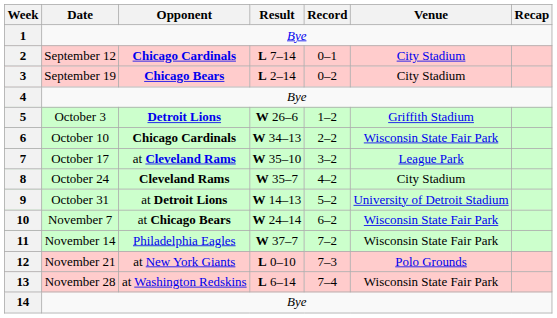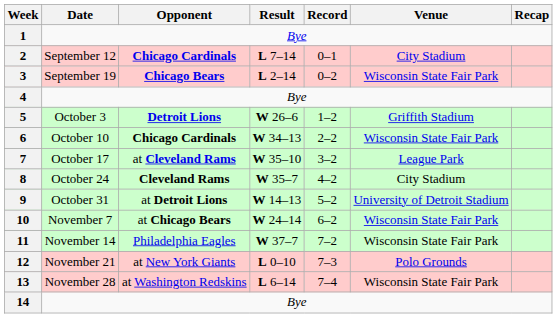 <table class="wikitable" style="text-align:center">
 <tr>
 <th>Week</th>
 <th>Date</th>
 <th>Opponent</th>
 <th>Result</th>
 <th>Record</th>
 <th>Venue</th>
 <th>Recap</th>
 </tr>
 <tr>
 <th>1</th>
 <td colspan="6"><em><a href='#'>Bye</a></em></td>
 </tr>
 <tr style="background:#fcc">
 <th>2</th>
 <td>September 12</td>
 <td><strong><a href='#'>Chicago Cardinals</a></strong></td>
 <td><strong>L</strong> 7–14</td>
 <td>0–1</td>
 <td><a href='#'>City Stadium</a></td>
 <td></td>
 </tr>
 <tr style="background:#fcc">
 <th>3</th>
 <td>September 19</td>
 <td><strong><a href='#'>Chicago Bears</a></strong></td>
 <td><strong>L</strong> 2–14</td>
 <td>0–2</td>
-<td>City Stadium</td>
+<td><a href='#'>Wisconsin State Fair Park</a></td>
 <td></td>
 </tr>
 <tr>
 <th>4</th>
 <td colspan="6"><em>Bye</em></td>
 </tr>
 <tr style="background:#cfc">
 <th>5</th>
 <td>October 3</td>
 <td><strong><a href='#'>Detroit Lions</a></strong></td>
 <td><strong>W</strong> 26–6</td>
 <td>1–2</td>
 <td><a href='#'>Griffith Stadium</a></td>
 <td></td>
 </tr>
 <tr style="background:#cfc">
 <th>6</th>
 <td>October 10</td>
 <td><strong>Chicago Cardinals</strong></td>
 <td><strong>W</strong> 34–13</td>
 <td>2–2</td>
 <td><a href='#'>Wisconsin State Fair Park</a></td>
 <td></td>
 </tr>
 <tr style="background:#cfc">
 <th>7</th>
 <td>October 17</td>
 <td>at <strong><a href='#'>Cleveland Rams</a></strong></td>
 <td><strong>W</strong> 35–10</td>
 <td>3–2</td>
 <td><a href='#'>League Park</a></td>
 <td></td>
 </tr>
 <tr style="background:#cfc">
 <th>8</th>
 <td>October 24</td>
 <td><strong>Cleveland Rams</strong></td>
 <td><strong>W</strong> 35–7</td>
 <td>4–2</td>
 <td>City Stadium</td>
 <td></td>
 </tr>
 <tr style="background:#cfc">
 <th>9</th>
 <td>October 31</td>
 <td>at <strong>Detroit Lions</strong></td>
 <td><strong>W</strong> 14–13</td>
 <td>5–2</td>
 <td><a href='#'>University of Detroit Stadium</a></td>
 <td></td>
 </tr>
 <tr style="background:#cfc">
 <th>10</th>
 <td>November 7</td>
 <td>at <strong>Chicago Bears</strong></td>
 <td><strong>W</strong> 24–14</td>
 <td>6–2</td>
 <td><a href='#'>Wisconsin State Fair Park</a></td>
 <td></td>
 </tr>
 <tr style="background:#cfc">
 <th>11</th>
 <td>November 14</td>
 <td><a href='#'>Philadelphia Eagles</a></td>
 <td><strong>W</strong> 37–7</td>
 <td>7–2</td>
 <td>Wisconsin State Fair Park</td>
 <td></td>
 </tr>
 <tr style="background:#fcc">
 <th>12</th>
 <td>November 21</td>
 <td>at <a href='#'>New York Giants</a></td>
 <td><strong>L</strong> 0–10</td>
 <td>7–3</td>
 <td><a href='#'>Polo Grounds</a></td>
 <td></td>
 </tr>
 <tr style="background:#fcc">
 <th>13</th>
 <td>November 28</td>
 <td>at <a href='#'>Washington Redskins</a></td>
 <td><strong>L</strong> 6–14</td>
 <td>7–4</td>
 <td>Wisconsin State Fair Park</td>
 <td></td>
 </tr>
 <tr>
 <th>14</th>
 <td colspan="6"><em>Bye</em></td>
 </tr>
 </table>
